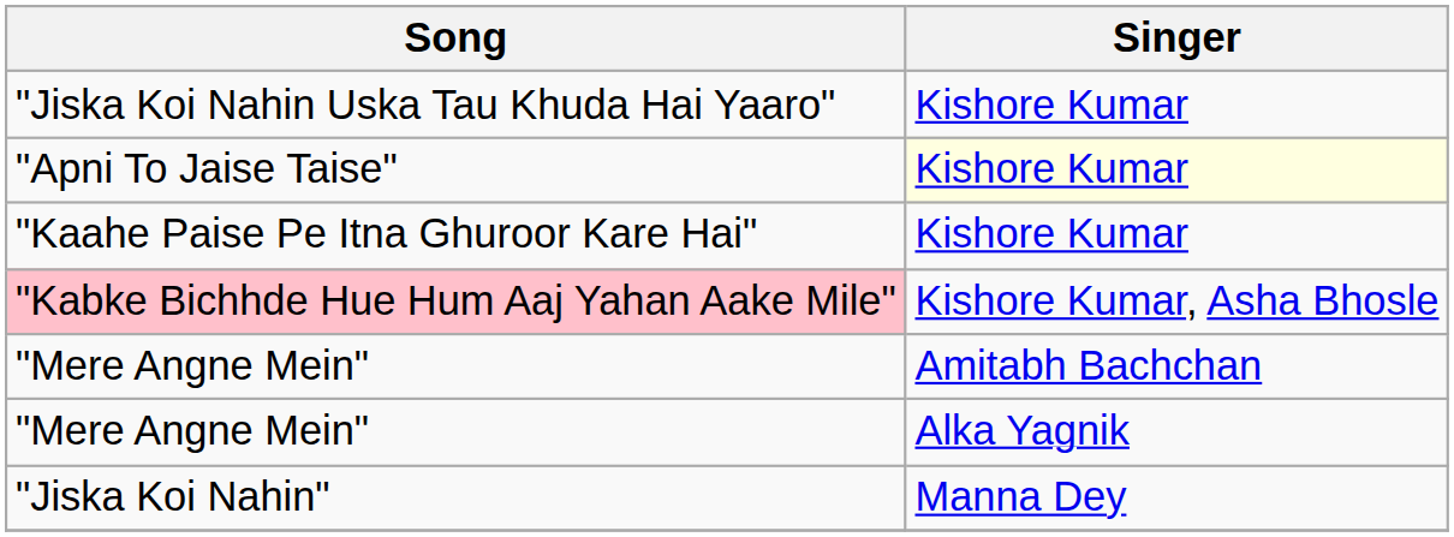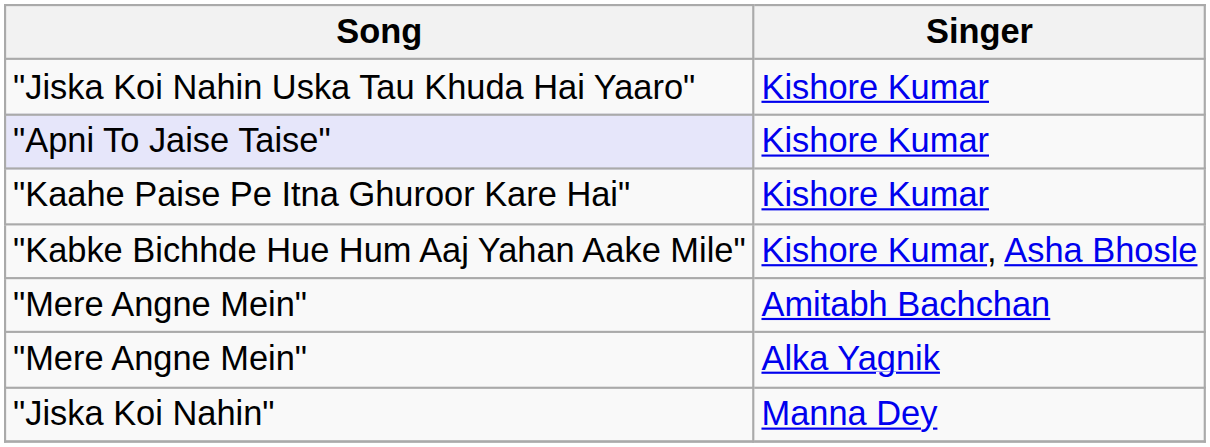 <table class="wikitable">
 <tr>
 <th>Song</th>
 <th>Singer</th>
 </tr>
 <tr>
 <td>"Jiska Koi Nahin Uska Tau Khuda Hai Yaaro"</td>
 <td><a href='#'>Kishore Kumar</a></td>
 </tr>
 <tr>
-<td>"Apni To Jaise Taise"</td>
-<td style="background: lightyellow;"><a href='#'>Kishore Kumar</a></td>
+<td style="background: lavender;">"Apni To Jaise Taise"</td>
+<td><a href='#'>Kishore Kumar</a></td>
 </tr>
 <tr>
 <td>"Kaahe Paise Pe Itna Ghuroor Kare Hai"</td>
 <td><a href='#'>Kishore Kumar</a></td>
 </tr>
 <tr>
-<td style="background: pink;">"Kabke Bichhde Hue Hum Aaj Yahan Aake Mile"</td>
+<td>"Kabke Bichhde Hue Hum Aaj Yahan Aake Mile"</td>
 <td><a href='#'>Kishore Kumar</a>, <a href='#'>Asha Bhosle</a></td>
 </tr>
 <tr>
 <td>"Mere Angne Mein"</td>
 <td><a href='#'>Amitabh Bachchan</a></td>
 </tr>
 <tr>
 <td>"Mere Angne Mein"</td>
 <td><a href='#'>Alka Yagnik</a></td>
 </tr>
 <tr>
 <td>"Jiska Koi Nahin"</td>
 <td><a href='#'>Manna Dey</a></td>
 </tr>
 <tr>
 </tr>
 </table>
